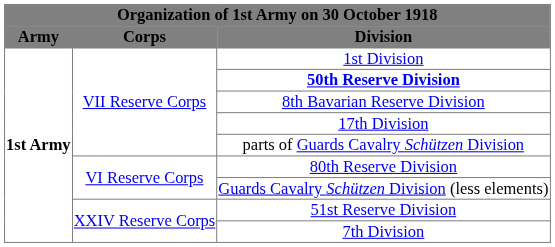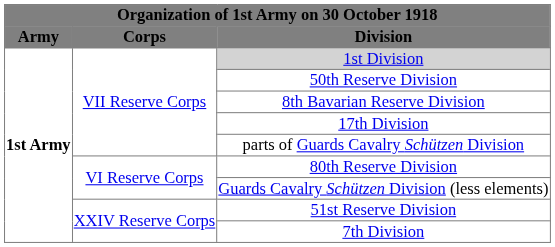 <table border="1" cellpadding="1" cellspacing="0" style="font-size:100%; border:gray solid 1px; border-collapse:collapse; text-align:center;">
 <tr style="background:gray; color:black;">
 <th colspan="3">Organization of 1st Army on 30 October 1918</th>
 </tr>
 <tr style="background:gray; color:black;">
 <th>Army</th>
 <th>Corps</th>
 <th>Division</th>
 </tr>
 <tr>
 <td ROWSPAN=9><strong>1st Army</strong></td>
 <td ROWSPAN=5><a href='#'>VII Reserve Corps</a></td>
-<td><a href='#'>1st Division</a></td>
+<td style="background: lightgrey;"><a href='#'>1st Division</a></td>
 </tr>
 <tr>
-<td><strong><a href='#'>50th Reserve Division</a></strong></td>
+<td><a href='#'>50th Reserve Division</a></td>
 </tr>
 <tr>
 <td><a href='#'>8th Bavarian Reserve Division</a></td>
 </tr>
 <tr>
 <td><a href='#'>17th Division</a></td>
 </tr>
 <tr>
 <td>parts of <a href='#'>Guards Cavalry <em>Schützen</em> Division</a></td>
 </tr>
 <tr>
 <td ROWSPAN=2><a href='#'>VI Reserve Corps</a></td>
 <td><a href='#'>80th Reserve Division</a></td>
 </tr>
 <tr>
 <td><a href='#'>Guards Cavalry <em>Schützen</em> Division</a> (less elements)</td>
 </tr>
 <tr>
 <td ROWSPAN=2><a href='#'>XXIV Reserve Corps</a></td>
 <td><a href='#'>51st Reserve Division</a></td>
 </tr>
 <tr>
 <td><a href='#'>7th Division</a></td>
 </tr>
 </table>
